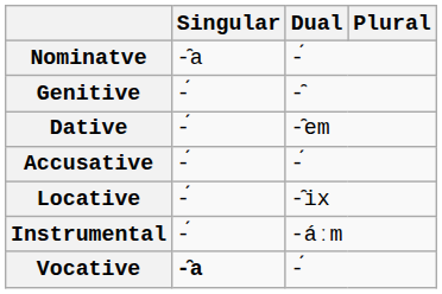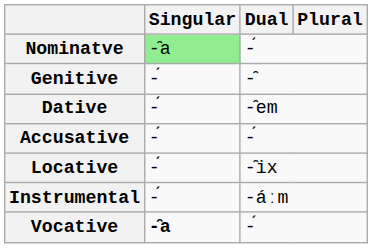 <table class="wikitable">
 <tr>
 <th></th>
 <th>Singular</th>
 <th>Dual</th>
 <th>Plural</th>
 </tr>
 <tr>
 <th>Nominatve</th>
-<td>-̑a</td>
+<td style="background: lightgreen;">-̑a</td>
 <td colspan="2">-́</td>
 </tr>
 <tr>
 <th>Genitive</th>
 <td>-́</td>
 <td colspan="2">-̑</td>
 </tr>
 <tr>
 <th>Dative</th>
 <td>-́</td>
 <td colspan="2">-̑em</td>
 </tr>
 <tr>
 <th>Accusative</th>
 <td>-́</td>
 <td colspan="2">-́</td>
 </tr>
 <tr>
 <th>Locative</th>
 <td>-́</td>
 <td colspan="2">-̑ix</td>
 </tr>
 <tr>
 <th>Instrumental</th>
 <td>-́</td>
 <td colspan="2">-áːm</td>
 </tr>
 <tr>
 <th>Vocative</th>
 <td><strong>-̑a</strong></td>
 <td colspan="2">-́</td>
 </tr>
 </table>
